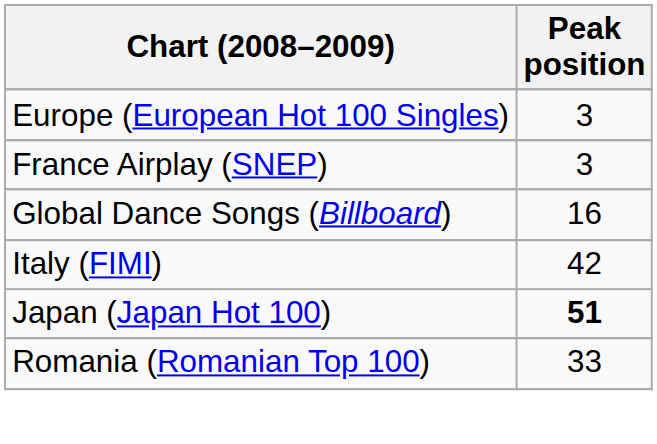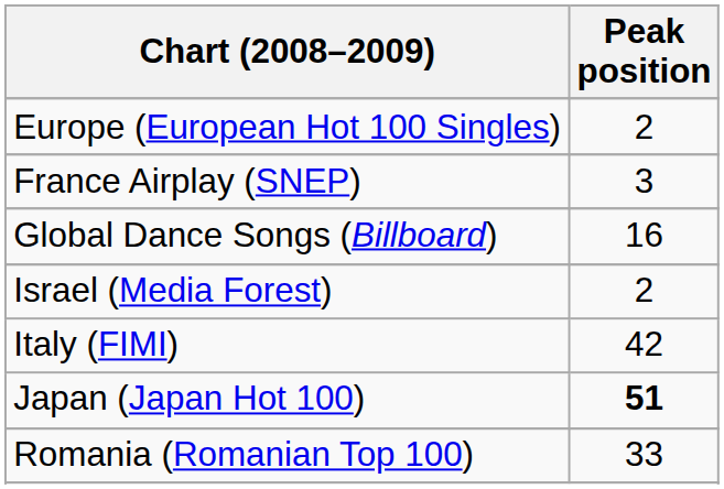 <table class="wikitable sortable">
 <tr>
 <th>Chart (2008–2009)</th>
 <th>Peak<br>position</th>
 </tr>
 <tr>
 </tr>
 <tr>
 </tr>
 <tr>
 </tr>
 <tr>
 </tr>
 <tr>
 </tr>
 <tr>
 </tr>
 <tr>
 </tr>
 <tr>
 </tr>
 <tr>
 </tr>
 <tr>
 </tr>
 <tr>
 </tr>
 <tr>
 <td>Europe (<a href='#'>European Hot 100 Singles</a>)</td>
-<td style="text-align:center;">3</td>
+<td style="text-align:center;">2</td>
 </tr>
 <tr>
 </tr>
 <tr>
 <td ! scope="row">France Airplay (<a href='#'>SNEP</a>)</td>
 <td style="text-align:center;">3</td>
 </tr>
 <tr>
 </tr>
 <tr>
 <td>Global Dance Songs (<em><a href='#'>Billboard</a></em>)</td>
 <td style="text-align:center;">16</td>
 </tr>
 <tr>
 </tr>
 <tr>
+</tr>
+<tr>
+<td>Israel (<a href='#'>Media Forest</a>)</td>
+<td style="text-align:center;">2</td>
 </tr>
 <tr>
 <td>Italy (<a href='#'>FIMI</a>)</td>
 <td style="text-align:center;">42</td>
 </tr>
 <tr>
 <td>Japan (<a href='#'>Japan Hot 100</a>)</td>
 <td align="center"><strong>51</strong></td>
 </tr>
 <tr>
 </tr>
 <tr>
 </tr>
 <tr>
 </tr>
 <tr>
 </tr>
 <tr>
 <td>Romania (<a href='#'>Romanian Top 100</a>)</td>
 <td align="center">33</td>
 </tr>
 <tr>
 </tr>
 <tr>
 </tr>
 <tr>
 </tr>
 <tr>
 </tr>
 <tr>
 </tr>
 <tr>
 </tr>
 <tr>
 </tr>
 <tr>
 </tr>
 <tr>
 </tr>
 <tr>
 </tr>
 <tr>
 </tr>
 <tr>
 </tr>
 <tr>
 </tr>
 <tr>
 </tr>
 </table>
